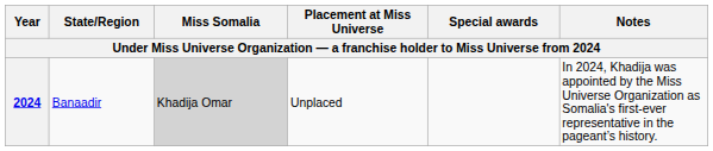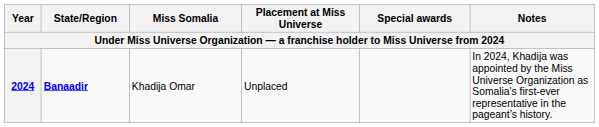 <table class="wikitable " style="font-size: 95%;">
 <tr>
 <th width="60">Year</th>
 <th width="150">State/Region</th>
 <th width="250">Miss Somalia</th>
 <th width="250">Placement at Miss Universe</th>
 <th width="250">Special awards</th>
 <th width="250">Notes</th>
 </tr>
 <tr>
 <th colspan="6">Under Miss Universe Organization — a franchise holder to Miss Universe from 2024</th>
 </tr>
 <tr>
 <th><a href='#'>2024</a></th>
-<td><a href='#'>Banaadir</a></td>
-<td style="background: lightgrey;">Khadija Omar</td>
+<td><strong><a href='#'>Banaadir</a></strong></td>
+<td>Khadija Omar</td>
 <td>Unplaced</td>
 <td></td>
 <td>In 2024, Khadija was appointed by the Miss Universe Organization as Somalia's first-ever representative in the pageant’s history.</td>
 </tr>
 </table>
